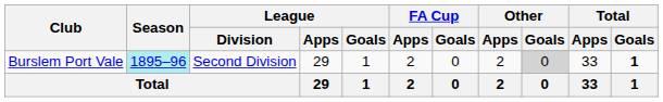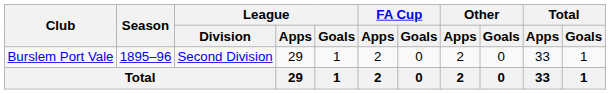 <table class="wikitable" style="text-align:center">
 <tr>
 <th rowspan="2">Club</th>
 <th rowspan="2">Season</th>
 <th colspan="3">League</th>
 <th colspan="2"><a href='#'>FA Cup</a></th>
 <th colspan="2">Other</th>
 <th colspan="2">Total</th>
 </tr>
 <tr>
 <th>Division</th>
 <th>Apps</th>
 <th>Goals</th>
 <th>Apps</th>
 <th>Goals</th>
 <th>Apps</th>
 <th>Goals</th>
 <th>Apps</th>
 <th>Goals</th>
 </tr>
 <tr>
 <td rowspan="1"><a href='#'>Burslem Port Vale</a></td>
-<td style="background: paleturquoise;"><a href='#'>1895–96</a></td>
+<td><a href='#'>1895–96</a></td>
 <td rowspan="1"><a href='#'>Second Division</a></td>
 <td>29</td>
 <td>1</td>
 <td>2</td>
 <td>0</td>
 <td>2</td>
-<td style="background: lightgrey;">0</td>
+<td>0</td>
 <td>33</td>
-<td><strong>1</strong></td>
+<td>1</td>
 </tr>
 <tr>
 <th colspan="3">Total</th>
 <th>29</th>
 <th>1</th>
 <th>2</th>
 <th>0</th>
 <th>2</th>
 <th>0</th>
 <th>33</th>
 <th>1</th>
 </tr>
 </table>
